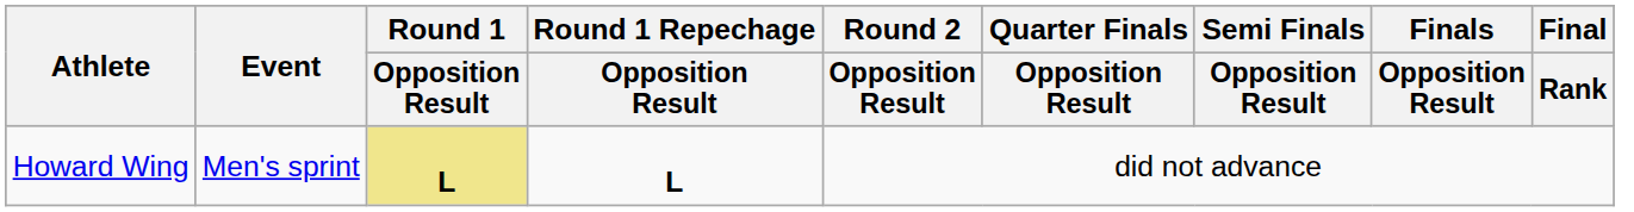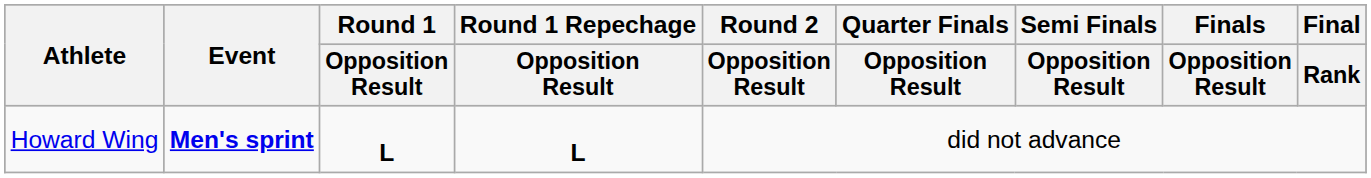 <table class="wikitable" style="font-size:90%">
 <tr>
 <th rowspan="2">Athlete</th>
 <th rowspan="2">Event</th>
 <th>Round 1</th>
 <th>Round 1 Repechage</th>
 <th>Round 2</th>
 <th>Quarter Finals</th>
 <th>Semi Finals</th>
 <th>Finals</th>
 <th>Final</th>
 </tr>
 <tr style="font-size:95%">
 <th>Opposition<br>Result</th>
 <th>Opposition<br>Result</th>
 <th>Opposition<br>Result</th>
 <th>Opposition<br>Result</th>
 <th>Opposition<br>Result</th>
 <th>Opposition<br>Result</th>
 <th>Rank</th>
 </tr>
 <tr align=center>
 <td align=left><a href='#'>Howard Wing</a></td>
-<td align=left><a href='#'>Men's sprint</a></td>
-<td style="background: khaki;"><br><strong>L</strong></td>
+<td align=left><strong><a href='#'>Men's sprint</a></strong></td>
+<td><br><strong>L</strong></td>
 <td><br><strong>L</strong></td>
 <td colspan=5>did not advance</td>
 </tr>
 </table>
